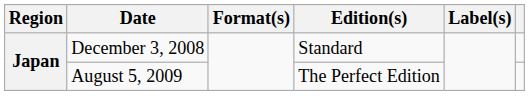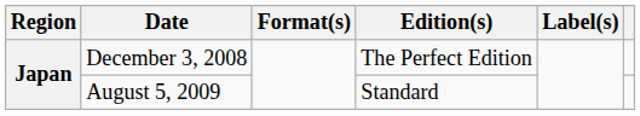 <table class="wikitable sortable plainrowheaders">
 <tr>
 <th scope="col">Region</th>
 <th scope="col">Date</th>
 <th scope="col">Format(s)</th>
 <th scope="col">Edition(s)</th>
 <th scope="col">Label(s)</th>
 <th scope="col"></th>
 </tr>
 <tr>
 <th scope="row" rowspan="2">Japan</th>
 <td>December 3, 2008</td>
 <td rowspan="2"></td>
-<td>Standard</td>
+<td>The Perfect Edition</td>
 <td rowspan="2"></td>
 <td align="center"></td>
 </tr>
 <tr>
 <td>August 5, 2009</td>
-<td>The Perfect Edition</td>
+<td>Standard</td>
 <td align="center"></td>
 </tr>
 </table>
